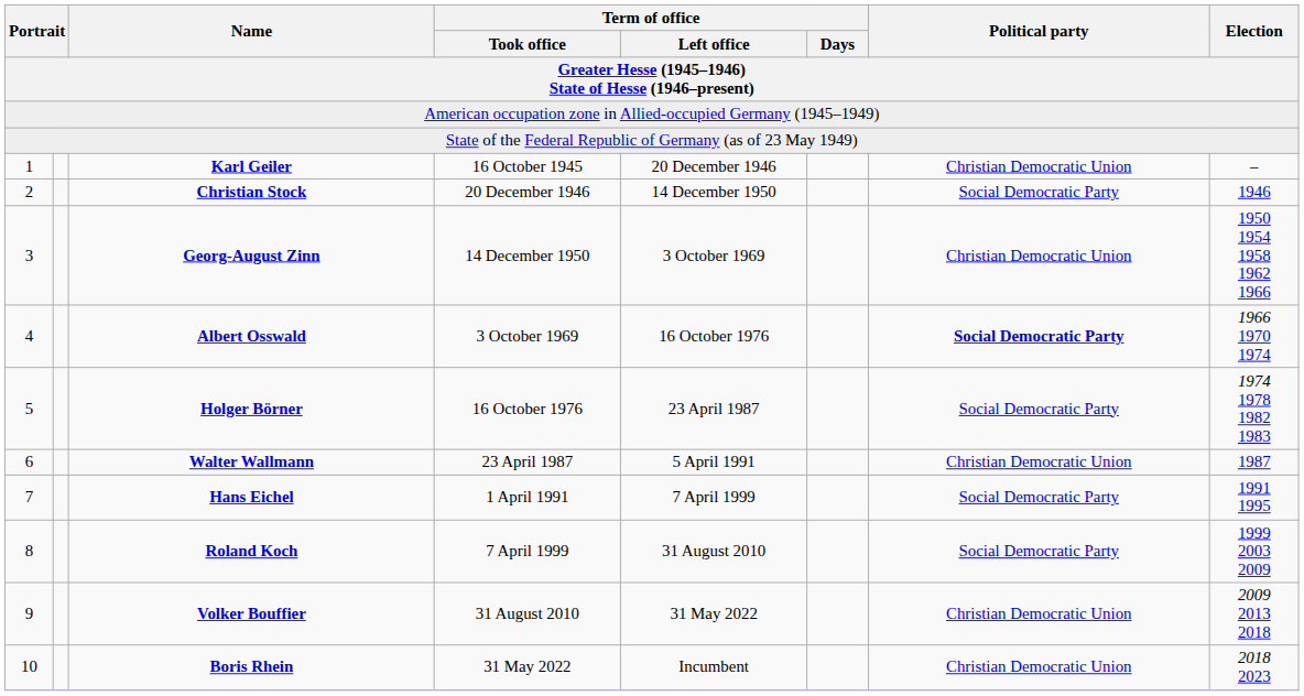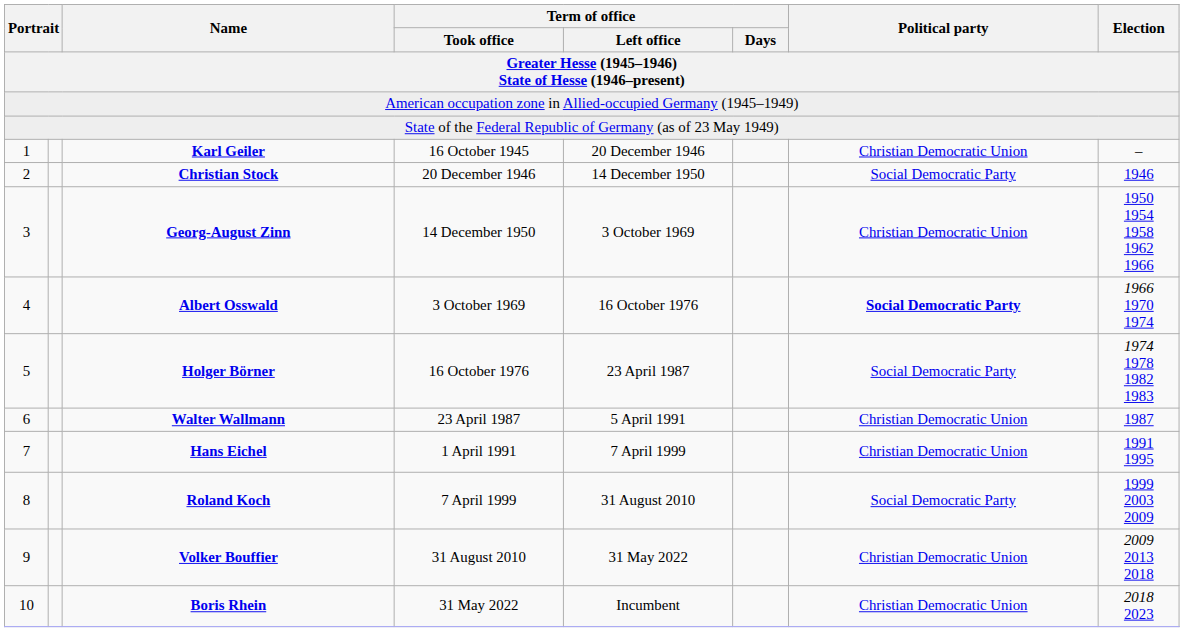 <table class="wikitable" style="text-align:center; width:100%; border:1px #AAAAFF solid">
 <tr>
 <th width=80px rowspan=2 colspan=2>Portrait</th>
 <th width=30% rowspan=2>Name<br></th>
 <th width=35% colspan=3>Term of office</th>
 <th width=28% rowspan=2>Political party</th>
 <th width=28% rowspan=2>Election</th>
 </tr>
 <tr>
 <th>Took office</th>
 <th>Left office</th>
 <th>Days</th>
 </tr>
 <tr>
 <th colspan="8"><a href='#'>Greater Hesse</a> (1945–1946)<br><a href='#'>State of Hesse</a> (1946–present)</th>
 </tr>
 <tr>
 <td bgcolor=#EEEEEE colspan=8><a href='#'>American occupation zone</a> in <a href='#'>Allied-occupied Germany</a> (1945–1949)</td>
 </tr>
 <tr>
 <td bgcolor=#EEEEEE colspan=8><a href='#'>State</a> of the <a href='#'>Federal Republic of Germany</a> (as of 23 May 1949)</td>
 </tr>
 <tr>
 <td style="background:">1</td>
 <td></td>
 <td><strong><a href='#'>Karl Geiler</a></strong><br></td>
 <td>16 October 1945</td>
 <td>20 December 1946</td>
 <td></td>
 <td><a href='#'>Christian Democratic Union</a></td>
 <td>–</td>
 </tr>
 <tr>
 <td style="background:">2</td>
 <td></td>
 <td><strong><a href='#'>Christian Stock</a></strong><br></td>
 <td>20 December 1946</td>
 <td>14 December 1950</td>
 <td></td>
 <td><a href='#'>Social Democratic Party</a></td>
 <td><a href='#'>1946</a></td>
 </tr>
 <tr>
 <td style="background:">3</td>
 <td></td>
 <td><strong><a href='#'>Georg-August Zinn</a></strong><br></td>
 <td>14 December 1950</td>
 <td>3 October 1969<br></td>
 <td></td>
 <td><a href='#'>Christian Democratic Union</a></td>
 <td><a href='#'>1950</a><br><a href='#'>1954</a><br><a href='#'>1958</a><br><a href='#'>1962</a><br><a href='#'>1966</a></td>
 </tr>
 <tr>
 <td style="background:">4</td>
 <td></td>
 <td><strong><a href='#'>Albert Osswald</a></strong><br></td>
 <td>3 October 1969</td>
 <td>16 October 1976<br></td>
 <td></td>
 <td><strong><a href='#'>Social Democratic Party</a></strong></td>
 <td><em>1966</em><br><a href='#'>1970</a><br><a href='#'>1974</a></td>
 </tr>
 <tr>
 <td style="background:">5</td>
 <td></td>
 <td><strong><a href='#'>Holger Börner</a></strong><br></td>
 <td>16 October 1976</td>
 <td>23 April 1987</td>
 <td></td>
 <td><a href='#'>Social Democratic Party</a></td>
 <td><em>1974</em><br><a href='#'>1978</a><br><a href='#'>1982</a><br><a href='#'>1983</a></td>
 </tr>
 <tr>
 <td style="background:">6</td>
 <td></td>
 <td><strong><a href='#'>Walter Wallmann</a></strong><br></td>
 <td>23 April 1987</td>
 <td>5 April 1991</td>
 <td></td>
 <td><a href='#'>Christian Democratic Union</a></td>
 <td><a href='#'>1987</a></td>
 </tr>
 <tr>
 <td style="background:">7</td>
 <td></td>
 <td><strong><a href='#'>Hans Eichel</a></strong><br></td>
 <td>1 April 1991</td>
 <td>7 April 1999</td>
 <td></td>
-<td><a href='#'>Social Democratic Party</a></td>
+<td><a href='#'>Christian Democratic Union</a></td>
 <td><a href='#'>1991</a><br><a href='#'>1995</a></td>
 </tr>
 <tr>
 <td style="background:">8</td>
 <td></td>
 <td><strong><a href='#'>Roland Koch</a></strong><br></td>
 <td>7 April 1999</td>
 <td>31 August 2010<br></td>
 <td></td>
 <td><a href='#'>Social Democratic Party</a></td>
 <td><a href='#'>1999</a><br><a href='#'>2003</a><br><a href='#'>2009</a></td>
 </tr>
 <tr>
 <td style="background:">9</td>
 <td></td>
 <td><strong><a href='#'>Volker Bouffier</a></strong><br></td>
 <td>31 August 2010</td>
 <td>31 May 2022<br></td>
 <td></td>
 <td><a href='#'>Christian Democratic Union</a></td>
 <td><em>2009</em><br><a href='#'>2013</a><br><a href='#'>2018</a></td>
 </tr>
 <tr>
 <td style="background:">10</td>
 <td></td>
 <td><strong><a href='#'>Boris Rhein</a></strong><br></td>
 <td>31 May 2022</td>
 <td>Incumbent</td>
 <td></td>
 <td><a href='#'>Christian Democratic Union</a></td>
 <td><em>2018</em><br><a href='#'>2023</a></td>
 </tr>
 <tr>
 </tr>
 </table>
